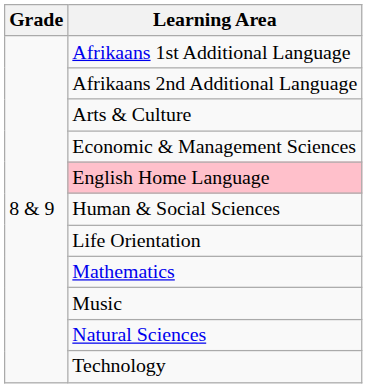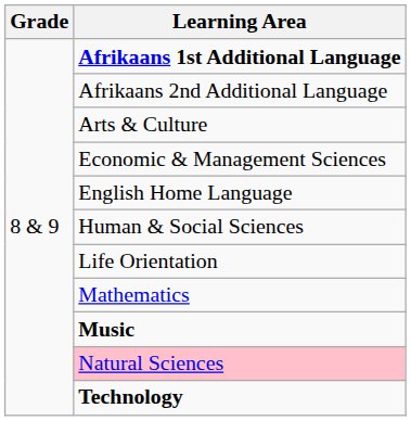 <table class="wikitable">
 <tr>
 <th>Grade</th>
 <th>Learning Area</th>
 </tr>
 <tr>
 <td rowspan="11">8 & 9</td>
-<td><a href='#'>Afrikaans</a> 1st Additional Language</td>
+<td><strong><a href='#'>Afrikaans</a> 1st Additional Language</strong></td>
 </tr>
 <tr>
 <td>Afrikaans 2nd Additional Language</td>
 </tr>
 <tr>
 <td>Arts & Culture</td>
 </tr>
 <tr>
 <td>Economic & Management Sciences</td>
 </tr>
 <tr>
-<td style="background: pink;">English Home Language</td>
+<td>English Home Language</td>
 </tr>
 <tr>
 <td>Human & Social Sciences</td>
 </tr>
 <tr>
 <td>Life Orientation</td>
 </tr>
 <tr>
 <td><a href='#'>Mathematics</a></td>
 </tr>
 <tr>
-<td>Music</td>
+<td><strong>Music</strong></td>
 </tr>
 <tr>
-<td><a href='#'>Natural Sciences</a></td>
+<td style="background: pink;"><a href='#'>Natural Sciences</a></td>
 </tr>
 <tr>
-<td>Technology</td>
+<td><strong>Technology</strong></td>
 </tr>
 </table>
